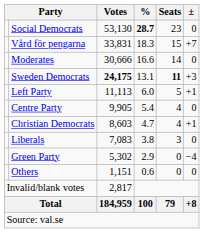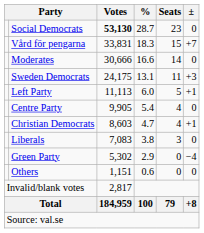 <table class=wikitable style=text-align:right>
 <tr>
 <th colspan=2>Party</th>
 <th>Votes</th>
 <th>%</th>
 <th>Seats</th>
 <th>±</th>
 </tr>
 <tr>
 <td bgcolor=></td>
 <td align=left><a href='#'>Social Democrats</a></td>
-<td>53,130</td>
-<td><strong>28.7</strong></td>
+<td><strong>53,130</strong></td>
+<td>28.7</td>
 <td>23</td>
 <td>0</td>
 </tr>
 <tr>
 <td></td>
 <td align=left><a href='#'>Vård för pengarna</a></td>
 <td>33,831</td>
 <td>18.3</td>
 <td>15</td>
 <td>+7</td>
 </tr>
 <tr>
 <td bgcolor=></td>
 <td align=left><a href='#'>Moderates</a></td>
 <td>30,666</td>
 <td>16.6</td>
 <td>14</td>
 <td>0</td>
 </tr>
 <tr>
 <td bgcolor=></td>
 <td align=left><a href='#'>Sweden Democrats</a></td>
-<td><strong>24,175</strong></td>
+<td>24,175</td>
 <td>13.1</td>
-<td><strong>11</strong></td>
+<td>11</td>
 <td>+3</td>
 </tr>
 <tr>
 <td bgcolor=></td>
 <td align=left><a href='#'>Left Party</a></td>
 <td>11,113</td>
 <td>6.0</td>
 <td>5</td>
 <td>+1</td>
 </tr>
 <tr>
 <td bgcolor=></td>
 <td align=left><a href='#'>Centre Party</a></td>
 <td>9,905</td>
 <td>5.4</td>
 <td>4</td>
 <td>0</td>
 </tr>
 <tr>
 <td bgcolor=></td>
 <td align=left><a href='#'>Christian Democrats</a></td>
 <td>8,603</td>
 <td>4.7</td>
 <td>4</td>
 <td>+1</td>
 </tr>
 <tr>
 <td bgcolor=></td>
 <td align=left><a href='#'>Liberals</a></td>
 <td>7,083</td>
 <td>3.8</td>
 <td>3</td>
 <td>0</td>
 </tr>
 <tr>
 <td bgcolor=></td>
 <td align=left><a href='#'>Green Party</a></td>
 <td>5,302</td>
 <td>2.9</td>
 <td>0</td>
 <td>−4</td>
 </tr>
 <tr>
 <td></td>
 <td align=left><a href='#'>Others</a></td>
 <td>1,151</td>
 <td>0.6</td>
 <td>0</td>
 <td>0</td>
 </tr>
 <tr>
 <td align=left colspan=2>Invalid/blank votes</td>
 <td>2,817</td>
 <td colspan=3></td>
 </tr>
 <tr>
 <th align=left colspan=2>Total</th>
 <th>184,959</th>
 <th>100</th>
 <th>79</th>
 <th>+8</th>
 </tr>
 <tr>
 <td align=left colspan=6>Source: val.se </td>
 </tr>
 </table>
